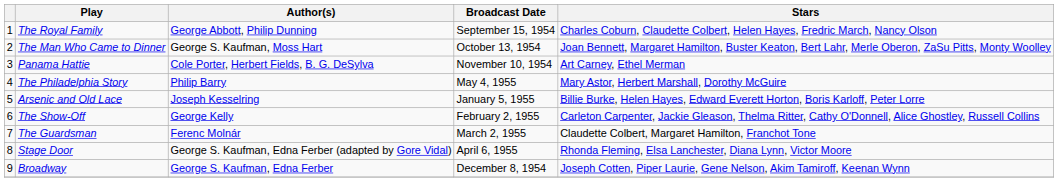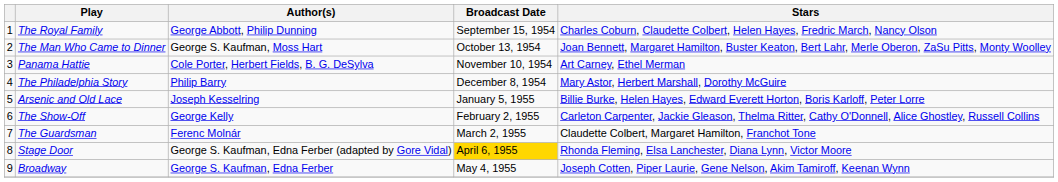 <table class="wikitable sortable">
 <tr>
 <th></th>
 <th>Play</th>
 <th>Author(s)</th>
 <th>Broadcast Date</th>
 <th>Stars</th>
 </tr>
 <tr>
 <td>1</td>
 <td><em><a href='#'>The Royal Family</a></em></td>
 <td><a href='#'>George Abbott</a>, <a href='#'>Philip Dunning</a></td>
 <td>September 15, 1954</td>
 <td><a href='#'>Charles Coburn</a>, <a href='#'>Claudette Colbert</a>, <a href='#'>Helen Hayes</a>, <a href='#'>Fredric March</a>, <a href='#'>Nancy Olson</a></td>
 </tr>
 <tr>
 <td>2</td>
 <td><em><a href='#'>The Man Who Came to Dinner</a></em></td>
 <td>George S. Kaufman, <a href='#'>Moss Hart</a></td>
 <td>October 13, 1954</td>
 <td><a href='#'>Joan Bennett</a>, <a href='#'>Margaret Hamilton</a>, <a href='#'>Buster Keaton</a>, <a href='#'>Bert Lahr</a>, <a href='#'>Merle Oberon</a>, <a href='#'>ZaSu Pitts</a>, <a href='#'>Monty Woolley</a></td>
 </tr>
 <tr>
 <td>3</td>
 <td><em><a href='#'>Panama Hattie</a></em></td>
 <td><a href='#'>Cole Porter</a>, <a href='#'>Herbert Fields</a>, <a href='#'>B. G. DeSylva</a></td>
 <td>November 10, 1954</td>
 <td><a href='#'>Art Carney</a>, <a href='#'>Ethel Merman</a></td>
 </tr>
 <tr>
 <td>4</td>
 <td><em><a href='#'>The Philadelphia Story</a></em></td>
 <td><a href='#'>Philip Barry</a></td>
-<td>May 4, 1955</td>
+<td>December 8, 1954</td>
 <td><a href='#'>Mary Astor</a>, <a href='#'>Herbert Marshall</a>, <a href='#'>Dorothy McGuire</a></td>
 </tr>
 <tr>
 <td>5</td>
 <td><em><a href='#'>Arsenic and Old Lace</a></em></td>
 <td><a href='#'>Joseph Kesselring</a></td>
 <td>January 5, 1955</td>
 <td><a href='#'>Billie Burke</a>, <a href='#'>Helen Hayes</a>, <a href='#'>Edward Everett Horton</a>, <a href='#'>Boris Karloff</a>, <a href='#'>Peter Lorre</a></td>
 </tr>
 <tr>
 <td>6</td>
 <td><em><a href='#'>The Show-Off</a></em></td>
 <td><a href='#'>George Kelly</a></td>
 <td>February 2, 1955</td>
 <td><a href='#'>Carleton Carpenter</a>, <a href='#'>Jackie Gleason</a>, <a href='#'>Thelma Ritter</a>, <a href='#'>Cathy O'Donnell</a>, <a href='#'>Alice Ghostley</a>, <a href='#'>Russell Collins</a></td>
 </tr>
 <tr>
 <td>7</td>
 <td><em><a href='#'>The Guardsman</a></em></td>
 <td><a href='#'>Ferenc Molnár</a></td>
 <td>March 2, 1955</td>
 <td>Claudette Colbert, Margaret Hamilton, <a href='#'>Franchot Tone</a></td>
 </tr>
 <tr>
 <td>8</td>
 <td><em><a href='#'>Stage Door</a></em></td>
 <td>George S. Kaufman, Edna Ferber (adapted by <a href='#'>Gore Vidal</a>)</td>
-<td>April 6, 1955</td>
+<td style="background: gold;">April 6, 1955</td>
 <td><a href='#'>Rhonda Fleming</a>, <a href='#'>Elsa Lanchester</a>, <a href='#'>Diana Lynn</a>, <a href='#'>Victor Moore</a></td>
 </tr>
 <tr>
 <td>9</td>
 <td><em><a href='#'>Broadway</a></em></td>
 <td><a href='#'>George S. Kaufman</a>, <a href='#'>Edna Ferber</a></td>
-<td>December 8, 1954</td>
+<td>May 4, 1955</td>
 <td><a href='#'>Joseph Cotten</a>, <a href='#'>Piper Laurie</a>, <a href='#'>Gene Nelson</a>, <a href='#'>Akim Tamiroff</a>, <a href='#'>Keenan Wynn</a></td>
 </tr>
 <tr>
 </tr>
 </table>
